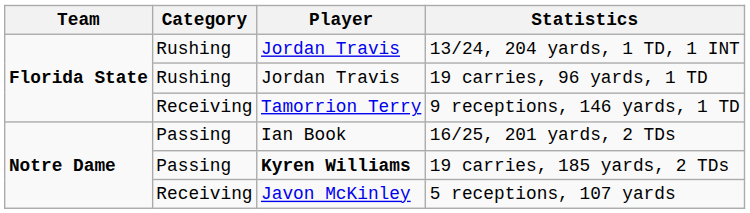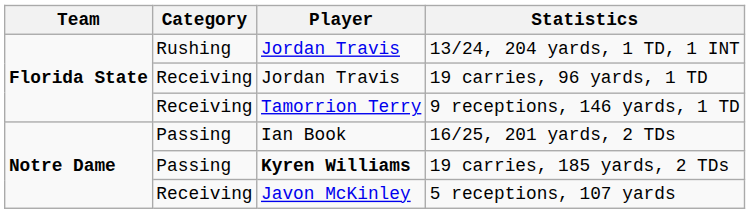 <table class="wikitable" style="float: left;">
 <tr>
 <th>Team</th>
 <th>Category</th>
 <th>Player</th>
 <th>Statistics</th>
 </tr>
 <tr>
 <td rowspan=3><strong>Florida State</strong></td>
 <td>Rushing</td>
 <td><a href='#'>Jordan Travis</a></td>
 <td>13/24, 204 yards, 1 TD, 1 INT</td>
 </tr>
 <tr>
-<td>Rushing</td>
+<td>Receiving</td>
 <td>Jordan Travis</td>
 <td>19 carries, 96 yards, 1 TD</td>
 </tr>
 <tr>
 <td>Receiving</td>
 <td><a href='#'>Tamorrion Terry</a></td>
 <td>9 receptions, 146 yards, 1 TD</td>
 </tr>
 <tr>
 <td rowspan=3><strong>Notre Dame</strong></td>
 <td>Passing</td>
 <td>Ian Book</td>
 <td>16/25, 201 yards, 2 TDs</td>
 </tr>
 <tr>
 <td>Passing</td>
 <td><strong>Kyren Williams</strong></td>
 <td>19 carries, 185 yards, 2 TDs</td>
 </tr>
 <tr>
 <td>Receiving</td>
 <td><a href='#'>Javon McKinley</a></td>
 <td>5 receptions, 107 yards</td>
 </tr>
 </table>
